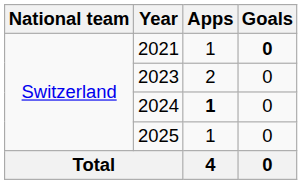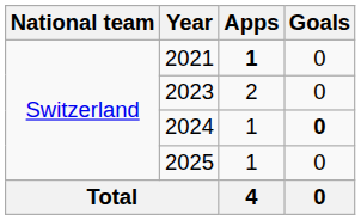 <table class=wikitable style=text-align:center>
 <tr>
 <th>National team</th>
 <th>Year</th>
 <th>Apps</th>
 <th>Goals</th>
 </tr>
 <tr>
 <td rowspan="4"><a href='#'>Switzerland</a></td>
 <td>2021</td>
-<td>1</td>
-<td><strong>0</strong></td>
+<td><strong>1</strong></td>
+<td>0</td>
 </tr>
 <tr>
 <td>2023</td>
 <td>2</td>
 <td>0</td>
 </tr>
 <tr>
 <td>2024</td>
-<td><strong>1</strong></td>
-<td>0</td>
+<td>1</td>
+<td><strong>0</strong></td>
 </tr>
 <tr>
 <td>2025</td>
 <td>1</td>
 <td>0</td>
 </tr>
 <tr>
 <th colspan="2">Total</th>
 <th>4</th>
 <th>0</th>
 </tr>
 </table>
